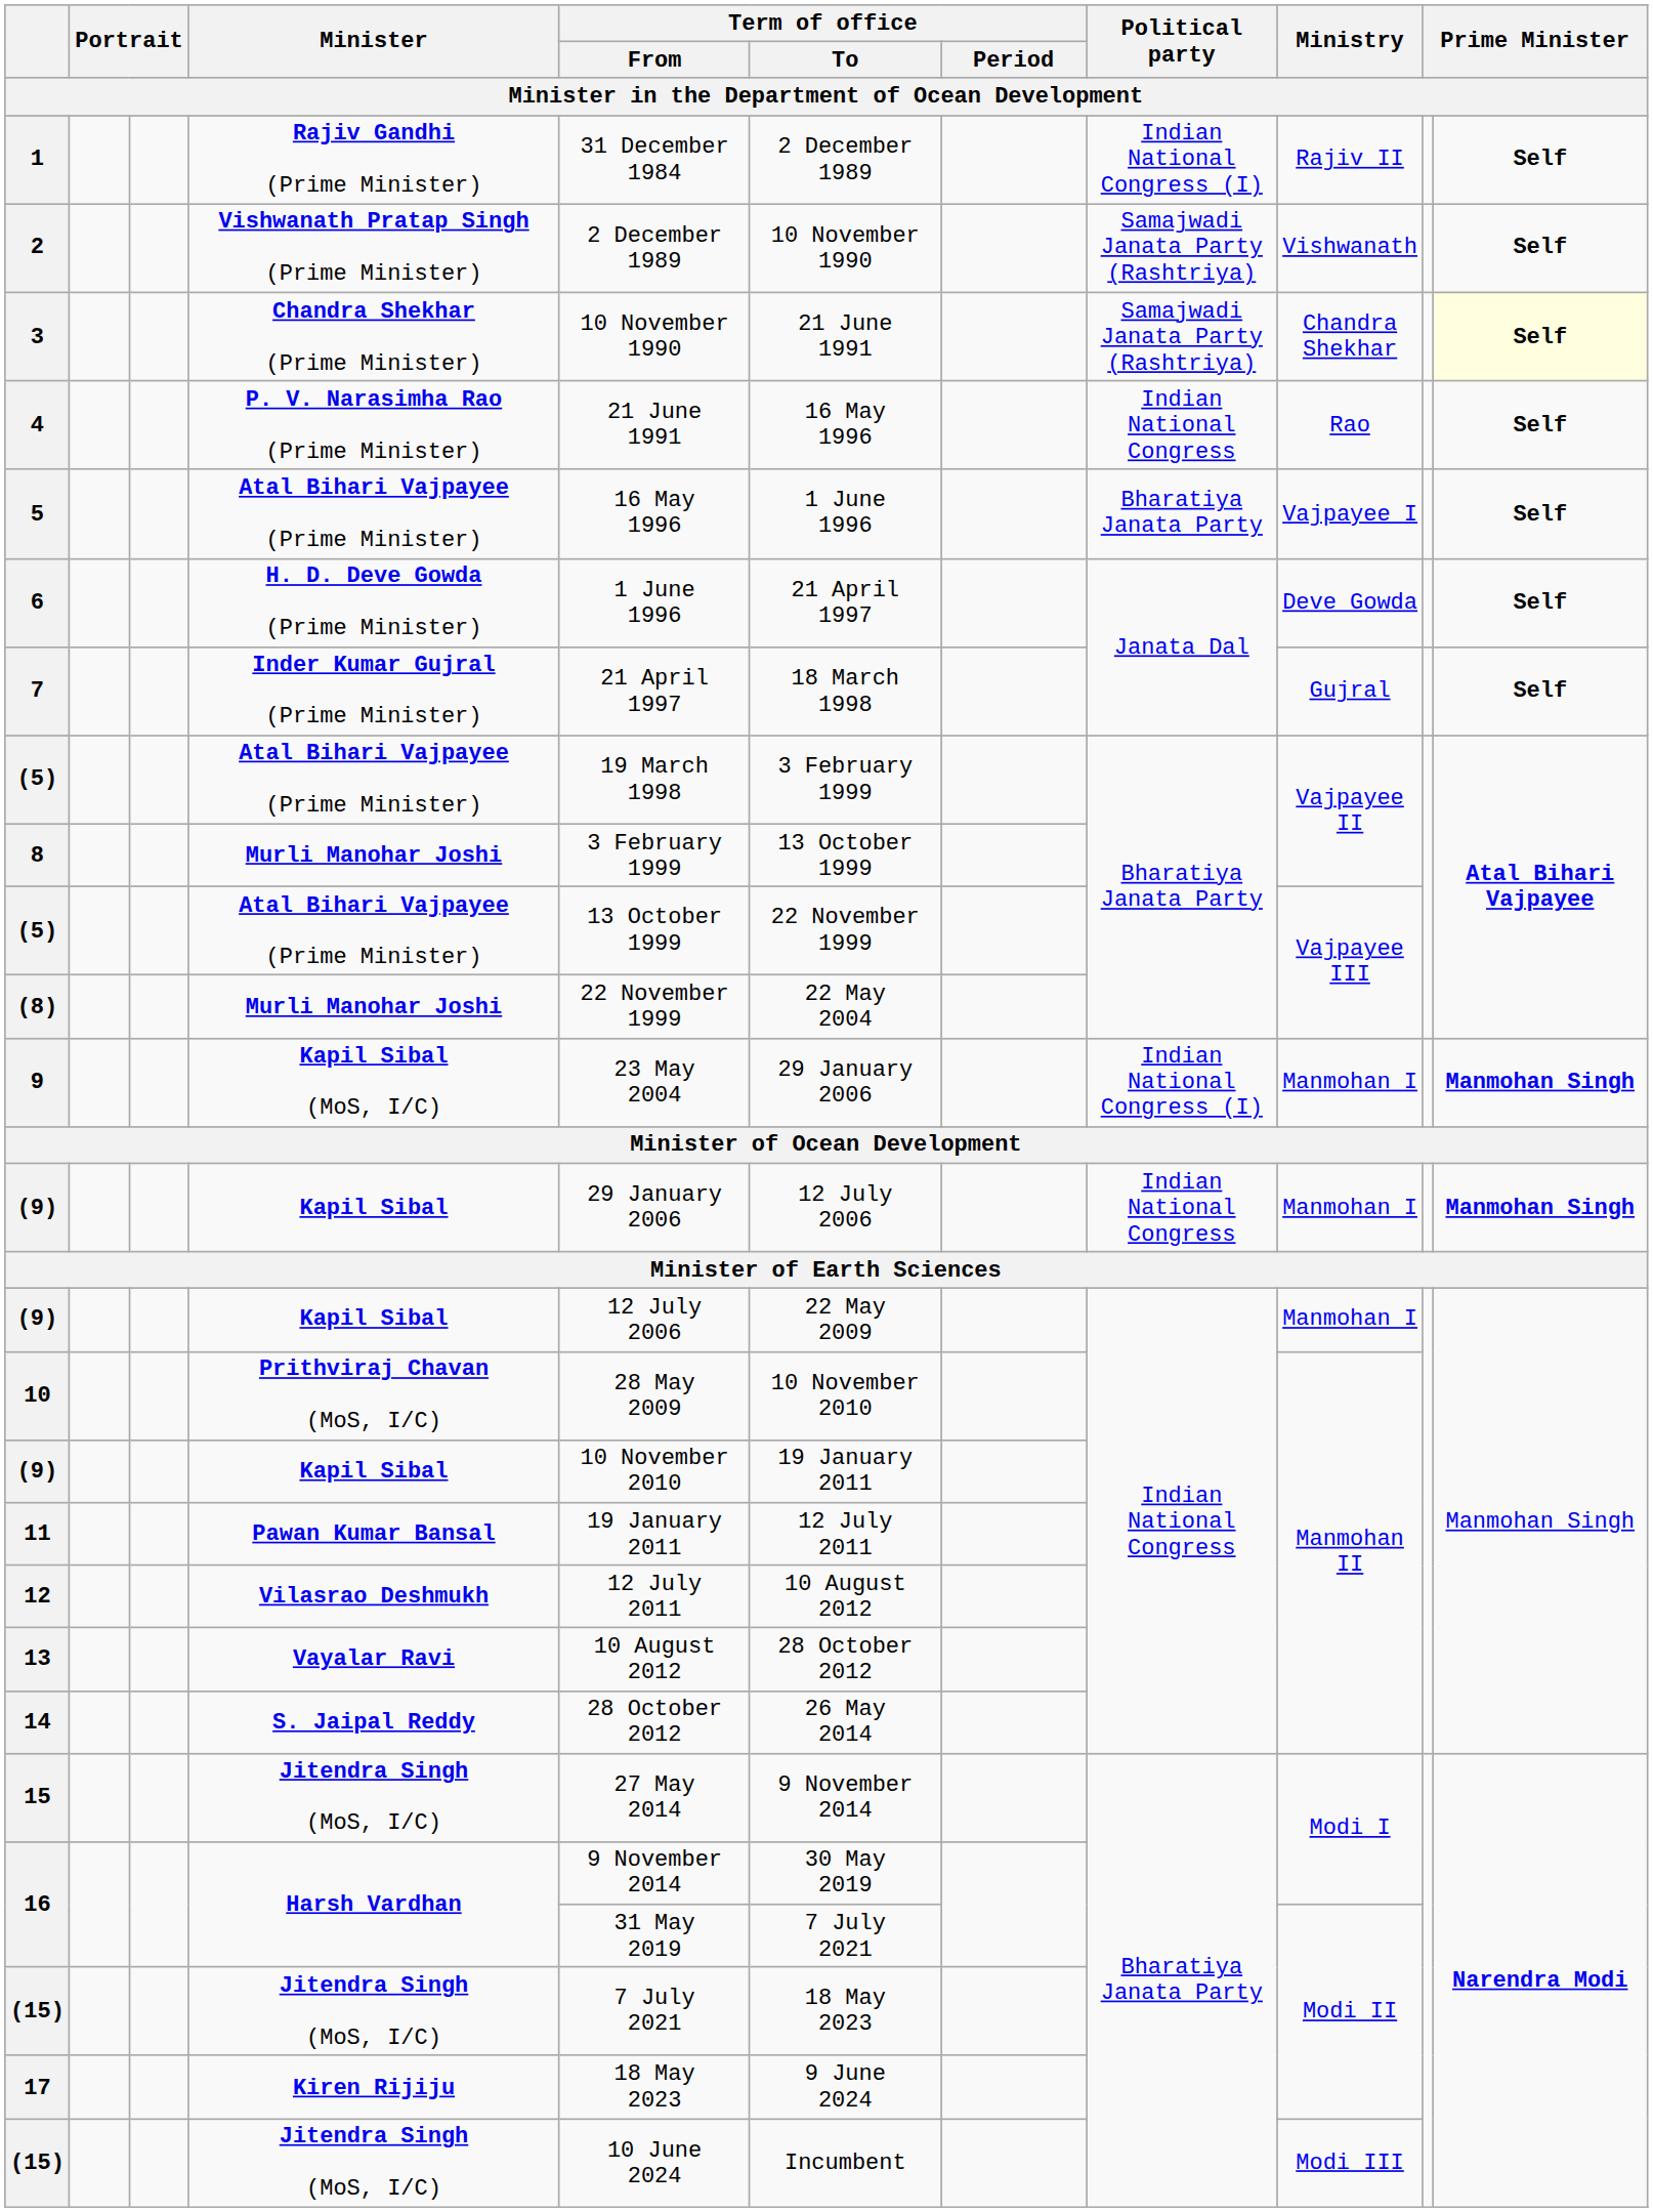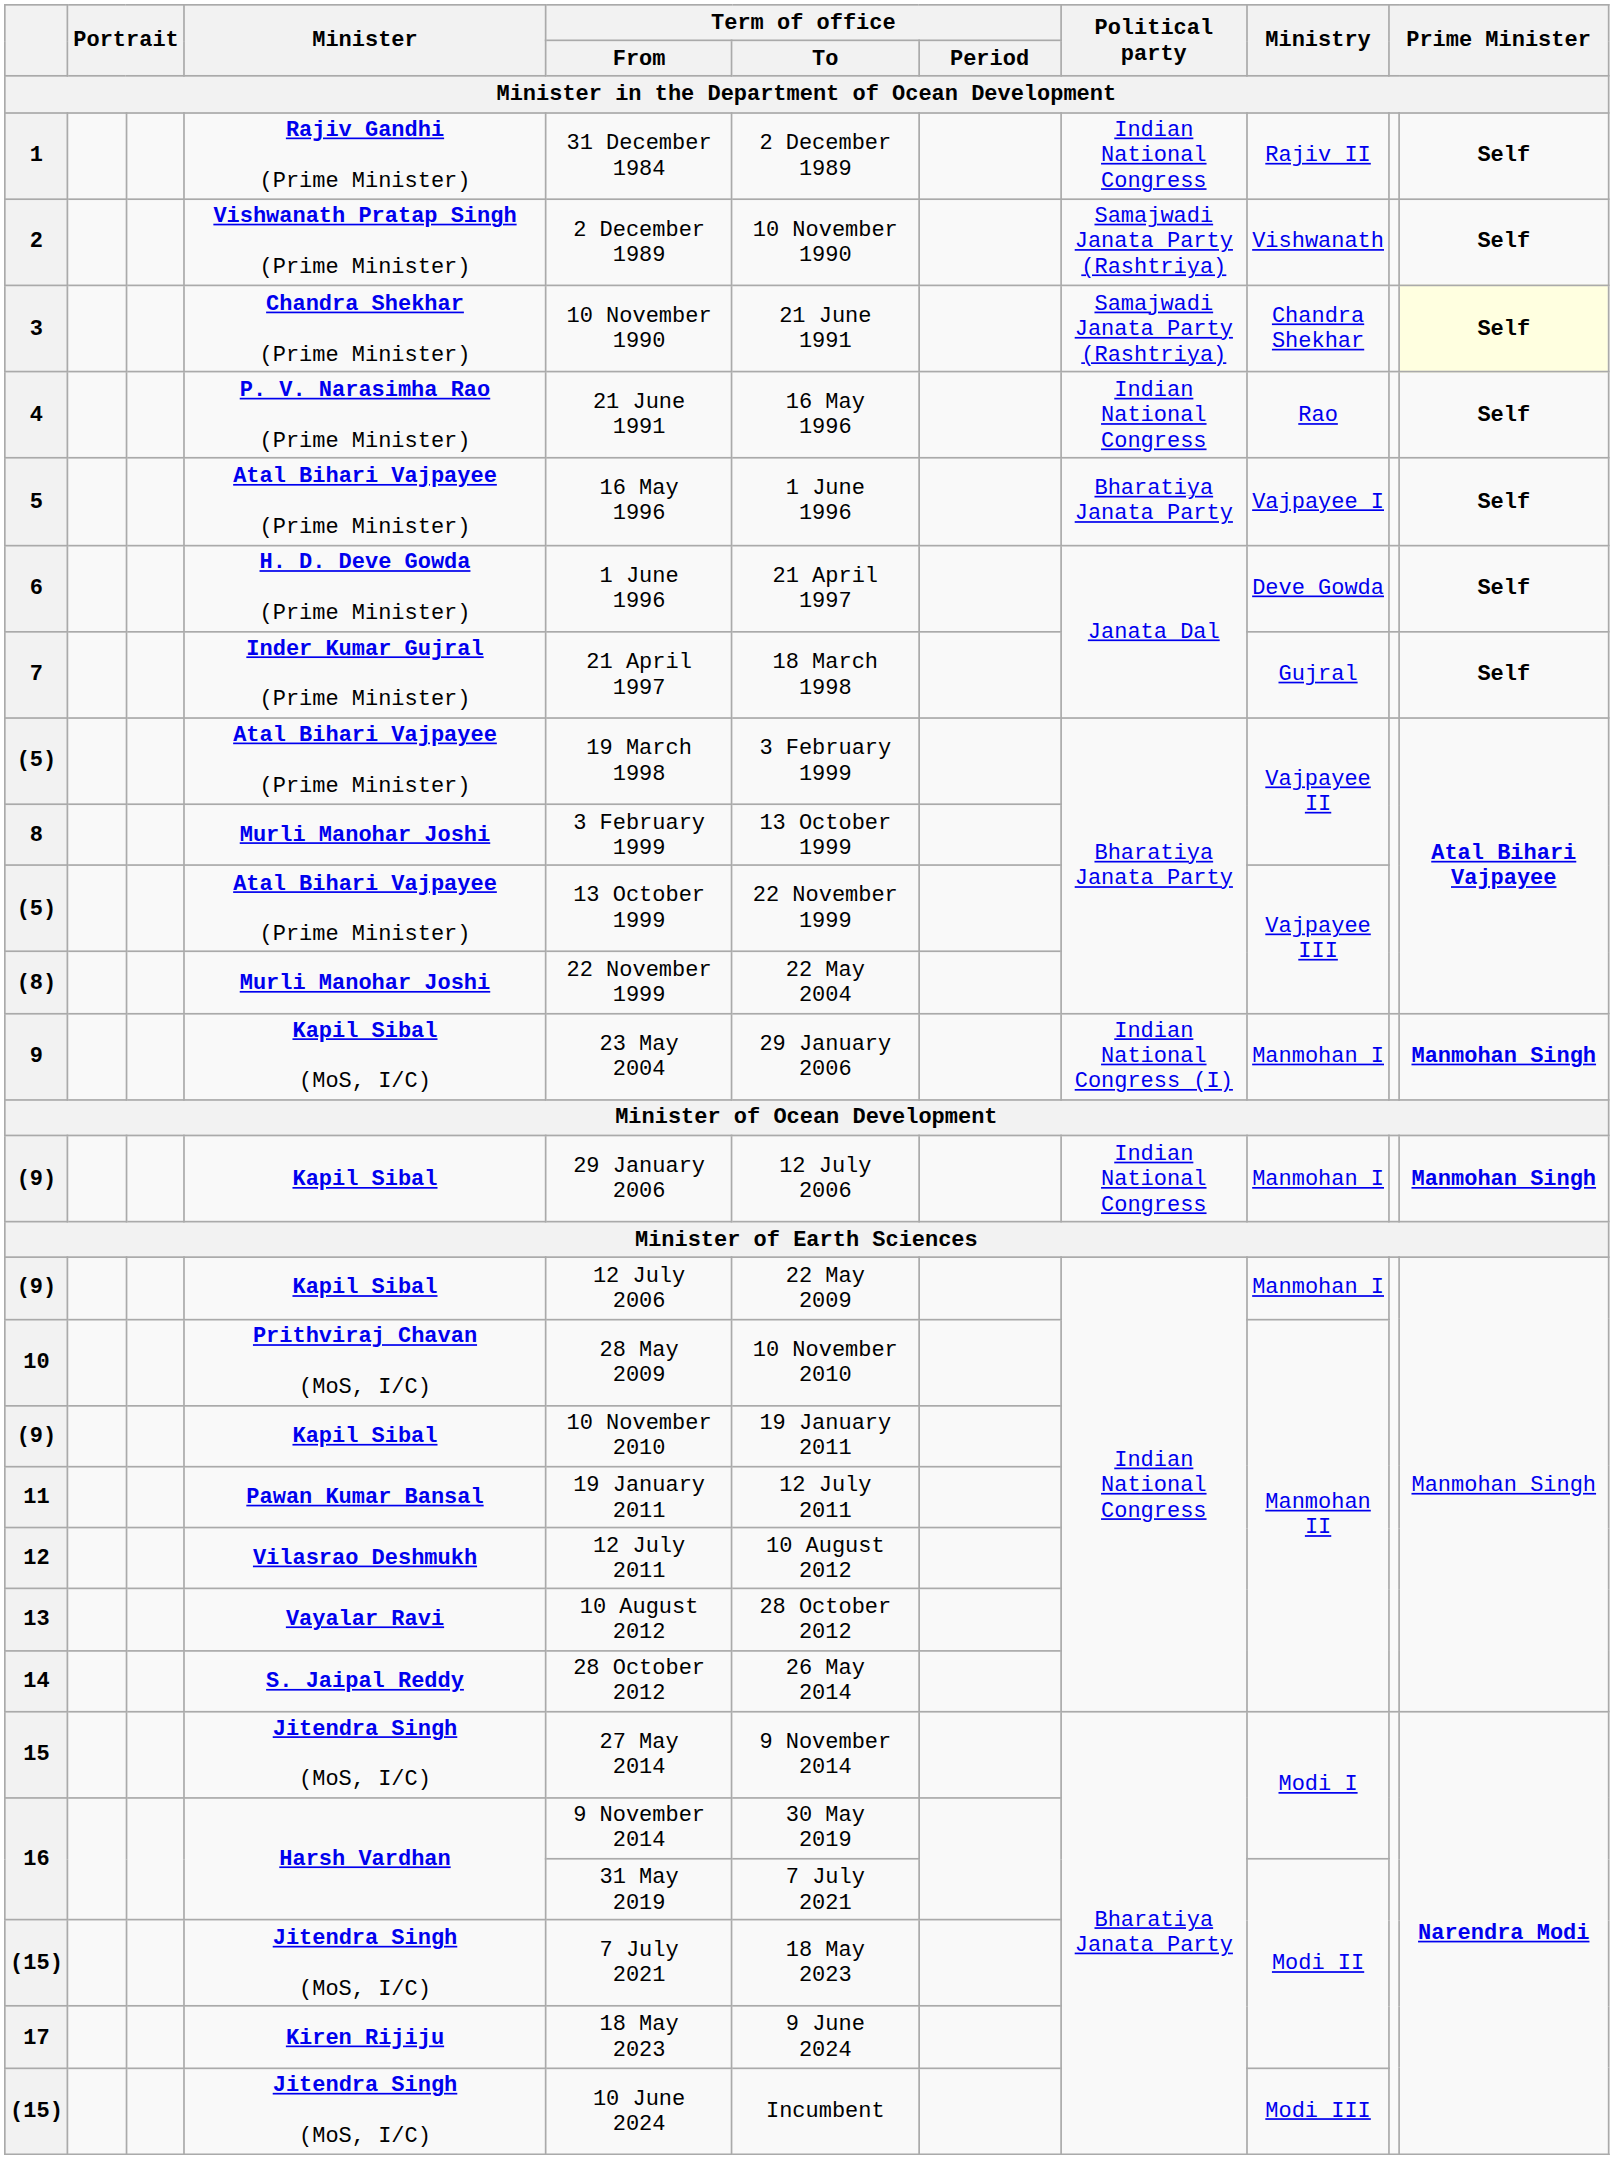 <table class="wikitable" style="text-align:center">
 <tr>
 <th rowspan="2"></th>
 <th rowspan="2" colspan="2">Portrait</th>
 <th rowspan="2" style="width:16em">Minister<br></th>
 <th colspan="3">Term of office</th>
 <th rowspan="2" style="width:8em">Political party</th>
 <th rowspan="2" style="width:6em">Ministry</th>
 <th rowspan="2" colspan="2">Prime Minister</th>
 </tr>
 <tr>
 <th style="width:8em">From</th>
 <th style="width:8em">To</th>
 <th style="width:6em">Period</th>
 </tr>
 <tr>
 <th colspan="11">Minister in the Department of Ocean Development</th>
 </tr>
 <tr>
 <th>1</th>
 <td></td>
 <td></td>
 <td><strong><a href='#'>Rajiv Gandhi</a></strong><br><br>(Prime Minister)</td>
 <td>31 December<br>1984</td>
 <td>2 December<br>1989</td>
 <td><strong></strong></td>
-<td><a href='#'>Indian National Congress (I)</a></td>
+<td><a href='#'>Indian National Congress</a></td>
 <td><a href='#'>Rajiv II</a></td>
 <td></td>
 <td><strong>Self</strong></td>
 </tr>
 <tr>
 <th>2</th>
 <td></td>
 <td></td>
 <td><strong><a href='#'>Vishwanath Pratap Singh</a></strong><br><br>(Prime Minister)</td>
 <td>2 December<br>1989</td>
 <td>10 November<br>1990</td>
 <td><strong></strong></td>
 <td><a href='#'>Samajwadi Janata Party (Rashtriya)</a></td>
 <td><a href='#'>Vishwanath</a></td>
 <td></td>
 <td><strong>Self</strong></td>
 </tr>
 <tr>
 <th>3</th>
 <td></td>
 <td></td>
 <td><strong><a href='#'>Chandra Shekhar</a></strong><br><br>(Prime Minister)</td>
 <td>10 November<br>1990</td>
 <td>21 June<br>1991</td>
 <td><strong></strong></td>
 <td><a href='#'>Samajwadi Janata Party (Rashtriya)</a></td>
 <td><a href='#'>Chandra Shekhar</a></td>
 <td></td>
 <td style="background: lightyellow;"><strong>Self</strong></td>
 </tr>
 <tr>
 <th>4</th>
 <td></td>
 <td></td>
 <td><strong><a href='#'>P. V. Narasimha Rao</a></strong><br><br>(Prime Minister)</td>
 <td>21 June<br>1991</td>
 <td>16 May<br>1996</td>
 <td><strong></strong></td>
 <td><a href='#'>Indian National Congress</a></td>
 <td><a href='#'>Rao</a></td>
 <td></td>
 <td><strong>Self</strong></td>
 </tr>
 <tr>
 <th>5</th>
 <td></td>
 <td></td>
 <td><strong><a href='#'>Atal Bihari Vajpayee</a></strong><br><br>(Prime Minister)</td>
 <td>16 May<br>1996</td>
 <td>1 June<br>1996</td>
 <td><strong></strong></td>
 <td><a href='#'>Bharatiya Janata Party</a></td>
 <td><a href='#'>Vajpayee I</a></td>
 <td></td>
 <td><strong>Self</strong></td>
 </tr>
 <tr>
 <th>6</th>
 <td></td>
 <td></td>
 <td><strong><a href='#'>H. D. Deve Gowda</a></strong><br><br>(Prime Minister)</td>
 <td>1 June<br>1996</td>
 <td>21 April<br>1997</td>
 <td><strong></strong></td>
 <td rowspan="2"><a href='#'>Janata Dal</a></td>
 <td><a href='#'>Deve Gowda</a></td>
 <td></td>
 <td><strong>Self</strong></td>
 </tr>
 <tr>
 <th>7</th>
 <td></td>
 <td></td>
 <td><strong><a href='#'>Inder Kumar Gujral</a></strong><br><br>(Prime Minister)</td>
 <td>21 April<br>1997</td>
 <td>18 March<br>1998</td>
 <td><strong></strong></td>
 <td><a href='#'>Gujral</a></td>
 <td></td>
 <td><strong>Self</strong></td>
 </tr>
 <tr>
 <th>(5)</th>
 <td></td>
 <td></td>
 <td><strong><a href='#'>Atal Bihari Vajpayee</a></strong><br><br>(Prime Minister)</td>
 <td>19 March<br>1998</td>
 <td>3 February<br>1999</td>
 <td><strong></strong></td>
 <td rowspan="4"><a href='#'>Bharatiya Janata Party</a></td>
 <td rowspan="2"><a href='#'>Vajpayee II</a></td>
 <td rowspan="4"></td>
 <td rowspan="4"><strong><a href='#'>Atal Bihari Vajpayee</a></strong></td>
 </tr>
 <tr>
 <th>8</th>
 <td></td>
 <td></td>
 <td><strong><a href='#'>Murli Manohar Joshi</a></strong><br></td>
 <td>3 February<br>1999</td>
 <td>13 October<br>1999</td>
 <td><strong></strong></td>
 </tr>
 <tr>
 <th>(5)</th>
 <td></td>
 <td></td>
 <td><strong><a href='#'>Atal Bihari Vajpayee</a></strong><br><br>(Prime Minister)</td>
 <td>13 October<br>1999</td>
 <td>22 November<br>1999</td>
 <td><strong></strong></td>
 <td rowspan="2"><a href='#'>Vajpayee III</a></td>
 </tr>
 <tr>
 <th>(8)</th>
 <td></td>
 <td></td>
 <td><strong><a href='#'>Murli Manohar Joshi</a></strong><br></td>
 <td>22 November<br>1999</td>
 <td>22 May<br>2004</td>
 <td><strong></strong></td>
 </tr>
 <tr>
 <th>9</th>
 <td></td>
 <td></td>
 <td><strong><a href='#'>Kapil Sibal</a></strong><br><br>(MoS, I/C)</td>
 <td>23 May<br>2004</td>
 <td>29 January<br>2006</td>
 <td><strong></strong></td>
 <td><a href='#'>Indian National Congress (I)</a></td>
 <td><a href='#'>Manmohan I</a></td>
 <td></td>
 <td><strong><a href='#'>Manmohan Singh</a></strong></td>
 </tr>
 <tr>
 <th colspan="11">Minister of Ocean Development</th>
 </tr>
 <tr>
 <th>(9)</th>
 <td></td>
 <td></td>
 <td><strong><a href='#'>Kapil Sibal</a></strong><br></td>
 <td>29 January<br>2006</td>
 <td>12 July<br>2006</td>
 <td><strong></strong></td>
 <td><a href='#'>Indian National Congress</a></td>
 <td><a href='#'>Manmohan I</a></td>
 <td></td>
 <td><strong><a href='#'>Manmohan Singh</a></strong></td>
 </tr>
 <tr>
 <th colspan="11">Minister of Earth Sciences</th>
 </tr>
 <tr>
 <th>(9)</th>
 <td></td>
 <td></td>
 <td><strong><a href='#'>Kapil Sibal</a></strong><br></td>
 <td>12 July<br>2006</td>
 <td>22 May<br>2009</td>
 <td><strong></strong></td>
 <td rowspan="7"><a href='#'>Indian National Congress</a></td>
 <td><a href='#'>Manmohan I</a></td>
 <td rowspan="7"></td>
 <td rowspan="7"><a href='#'>Manmohan Singh</a></td>
 </tr>
 <tr>
 <th>10</th>
 <td></td>
 <td></td>
 <td><strong><a href='#'>Prithviraj Chavan</a></strong><br><br>(MoS, I/C)</td>
 <td>28 May<br>2009</td>
 <td>10 November<br>2010</td>
 <td><strong></strong></td>
 <td rowspan="6"><a href='#'>Manmohan II</a></td>
 </tr>
 <tr>
 <th>(9)</th>
 <td></td>
 <td></td>
 <td><strong><a href='#'>Kapil Sibal</a></strong><br></td>
 <td>10 November<br>2010</td>
 <td>19 January<br>2011</td>
 <td><strong></strong></td>
 </tr>
 <tr>
 <th>11</th>
 <td></td>
 <td></td>
 <td><strong><a href='#'>Pawan Kumar Bansal</a></strong><br></td>
 <td>19 January<br>2011</td>
 <td>12 July<br>2011</td>
 <td><strong></strong></td>
 </tr>
 <tr>
 <th>12</th>
 <td></td>
 <td></td>
 <td><strong><a href='#'>Vilasrao Deshmukh</a></strong><br></td>
 <td>12 July<br>2011</td>
 <td>10 August<br>2012</td>
 <td><strong></strong></td>
 </tr>
 <tr>
 <th>13</th>
 <td></td>
 <td></td>
 <td><strong><a href='#'>Vayalar Ravi</a></strong><br></td>
 <td>10 August<br>2012</td>
 <td>28 October<br>2012</td>
 <td><strong></strong></td>
 </tr>
 <tr>
 <th>14</th>
 <td></td>
 <td></td>
 <td><strong><a href='#'>S. Jaipal Reddy</a></strong><br></td>
 <td>28 October<br>2012</td>
 <td>26 May<br>2014</td>
 <td><strong></strong></td>
 </tr>
 <tr>
 <th>15</th>
 <td></td>
 <td></td>
 <td><a href='#'><strong>Jitendra Singh</strong></a><br><br>(MoS, I/C)</td>
 <td>27 May<br>2014</td>
 <td>9 November<br>2014</td>
 <td><strong></strong></td>
 <td rowspan="6"><a href='#'>Bharatiya Janata Party</a></td>
 <td rowspan="2"><a href='#'>Modi I</a></td>
 <td rowspan="6"></td>
 <td rowspan="6" style="width:9em"><strong><a href='#'>Narendra Modi</a></strong></td>
 </tr>
 <tr>
 <th rowspan="2">16</th>
 <td rowspan="2"></td>
 <td rowspan="2"></td>
 <td rowspan="2"><strong><a href='#'>Harsh Vardhan</a></strong><br></td>
 <td>9 November<br>2014</td>
 <td>30 May<br>2019</td>
 <td rowspan="2"><strong></strong></td>
 </tr>
 <tr>
 <td>31 May<br>2019</td>
 <td>7 July<br>2021</td>
 <td rowspan="3"><a href='#'>Modi II</a></td>
 </tr>
 <tr>
 <th>(15)</th>
 <td></td>
 <td></td>
 <td><a href='#'><strong>Jitendra Singh</strong></a><br><br>(MoS, I/C)</td>
 <td>7 July<br>2021</td>
 <td>18 May<br>2023</td>
 <td><strong></strong></td>
 </tr>
 <tr>
 <th>17</th>
 <td></td>
 <td></td>
 <td><strong><a href='#'>Kiren Rijiju</a></strong><br></td>
 <td>18 May<br>2023</td>
 <td>9 June<br>2024</td>
 <td><strong></strong></td>
 </tr>
 <tr>
 <th>(15)</th>
 <td></td>
 <td></td>
 <td><a href='#'><strong>Jitendra Singh</strong></a><br><br>(MoS, I/C)</td>
 <td>10 June<br>2024</td>
 <td>Incumbent</td>
 <td><strong></strong></td>
 <td><a href='#'>Modi III</a></td>
 </tr>
 <tr>
 </tr>
 </table>
